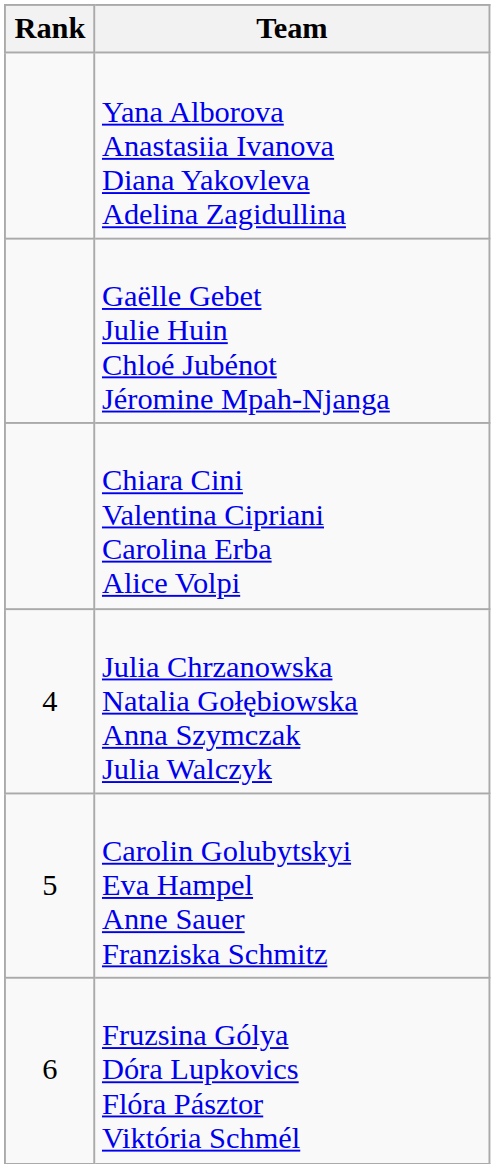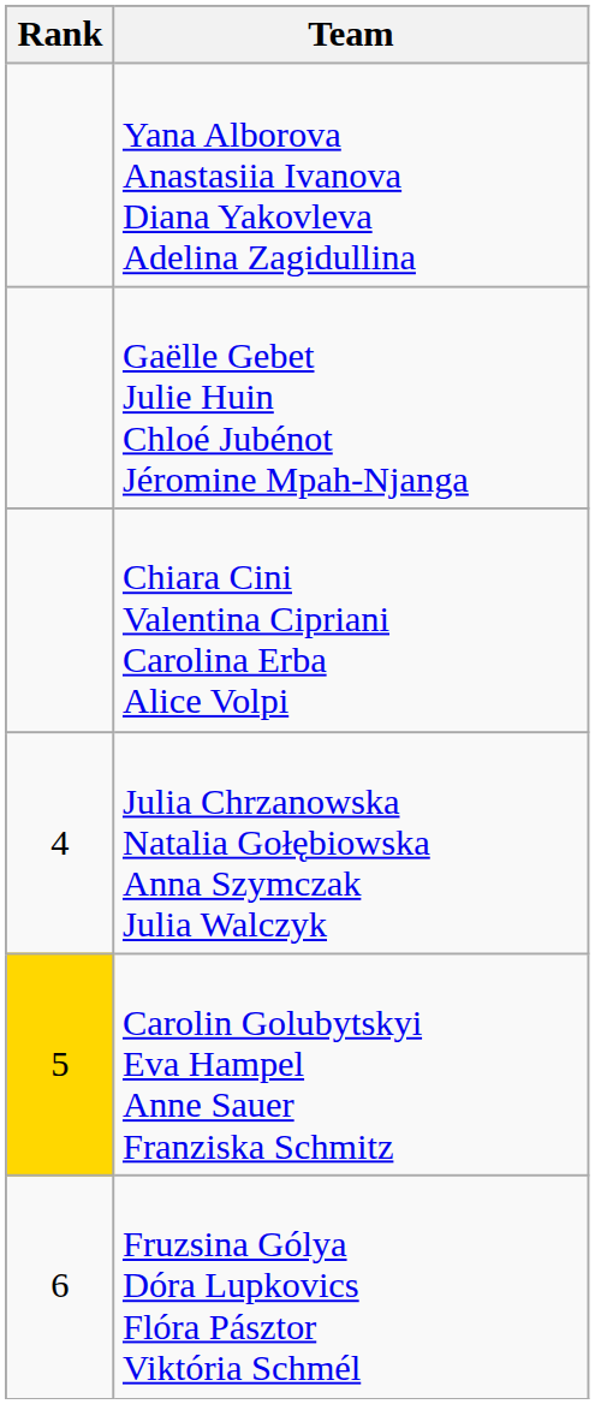 <table class="wikitable" style="text-align: center;">
 <tr>
 <th width=40>Rank</th>
 <th width=200>Team</th>
 </tr>
 <tr>
 <td></td>
 <td align=left><br><a href='#'>Yana Alborova</a><br><a href='#'>Anastasiia Ivanova</a><br><a href='#'>Diana Yakovleva</a><br><a href='#'>Adelina Zagidullina</a></td>
 </tr>
 <tr>
 <td></td>
 <td align=left><br><a href='#'>Gaëlle Gebet</a><br><a href='#'>Julie Huin</a><br><a href='#'>Chloé Jubénot</a><br><a href='#'>Jéromine Mpah-Njanga</a></td>
 </tr>
 <tr>
 <td></td>
 <td align=left><br><a href='#'>Chiara Cini</a><br><a href='#'>Valentina Cipriani</a><br><a href='#'>Carolina Erba</a><br><a href='#'>Alice Volpi</a></td>
 </tr>
 <tr>
 <td>4</td>
 <td align=left><br><a href='#'>Julia Chrzanowska</a><br><a href='#'>Natalia Gołębiowska</a><br><a href='#'>Anna Szymczak</a><br><a href='#'>Julia Walczyk</a></td>
 </tr>
 <tr>
-<td>5</td>
+<td style="background: gold;">5</td>
 <td align=left><br><a href='#'>Carolin Golubytskyi</a><br><a href='#'>Eva Hampel</a><br><a href='#'>Anne Sauer</a><br><a href='#'>Franziska Schmitz</a></td>
 </tr>
 <tr>
 <td>6</td>
 <td align=left><br><a href='#'>Fruzsina Gólya</a><br><a href='#'>Dóra Lupkovics</a><br><a href='#'>Flóra Pásztor</a><br><a href='#'>Viktória Schmél</a></td>
 </tr>
 </table>
